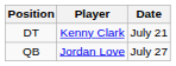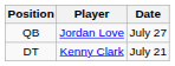 <table class="wikitable" style="text-align:center">
 <tr>
 <th>Position</th>
 <th>Player</th>
 <th>Date</th>
 </tr>
 <tr>
+<td>QB</td>
+<td><a href='#'>Jordan Love</a></td>
+<td>July 27</td>
+</tr>
+<tr>
 <td>DT</td>
 <td><a href='#'>Kenny Clark</a></td>
 <td>July 21</td>
 </tr>
-<tr>
-<td>QB</td>
-<td><a href='#'>Jordan Love</a></td>
-<td>July 27</td>
-</tr>
 </table>
